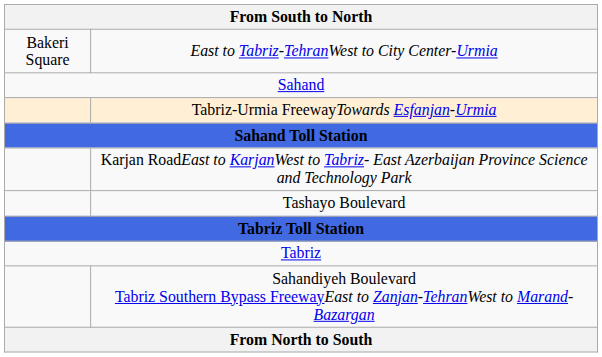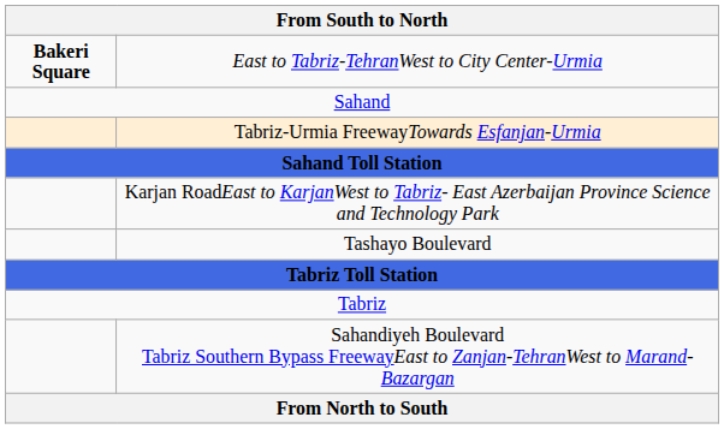 <table class="wikitable" style="text-align:center" width="600px">
 <tr>
 <th text-align="center" colspan="3"> From South to North</th>
 </tr>
 <tr>
-<td>Bakeri Square</td>
+<td><strong>Bakeri Square</strong></td>
 <td><em>East to <a href='#'>Tabriz</a>-<a href='#'>Tehran</a></em><em>West to City Center-<a href='#'>Urmia</a></em></td>
 </tr>
 <tr>
 <td colspan="7" style="text-align:center; background:#F5 F5 DC;">  <a href='#'>Sahand</a> </td>
 </tr>
 <tr>
 <td style="text-align:center; background:#ffefd5;"></td>
 <td style="text-align:center; background:#ffefd5;"> Tabriz-Urmia Freeway<em>Towards <a href='#'>Esfanjan</a>-<a href='#'>Urmia</a></em></td>
 </tr>
 <tr>
 <td colspan="7" align="center" bgcolor="#41 69 E1" color: #FFFFFF> <strong>Sahand Toll Station</strong></td>
 </tr>
 <tr>
 <td></td>
 <td>Karjan Road<em>East to <a href='#'>Karjan</a></em><em>West to <a href='#'>Tabriz</a>- East Azerbaijan Province Science and Technology Park</em></td>
 </tr>
 <tr>
 <td style="text-align:center; background:F5 F5 DC;"></td>
 <td style="text-align:center; background:F5 F5 DC;">  Tashayo Boulevard</td>
 </tr>
 <tr>
 <td colspan="7" align="center" bgcolor="#41 69 E1" color: #FFFFFF> <strong>Tabriz Toll Station</strong></td>
 </tr>
 <tr>
 <td colspan="7" style="text-align:center; background:#F5 F5 DC;">  <a href='#'>Tabriz</a> </td>
 </tr>
 <tr>
 <td></td>
 <td style="text-align:center; background:F5 F5 DC;"> Sahandiyeh Boulevard<br> <a href='#'>Tabriz Southern Bypass Freeway</a><em>East to <a href='#'>Zanjan</a>-<a href='#'>Tehran</a></em><em>West to <a href='#'>Marand</a>-<a href='#'>Bazargan</a></em></td>
 </tr>
 <tr>
 <th text-align="center" colspan="3"> From North to South </th>
 </tr>
 </table>
